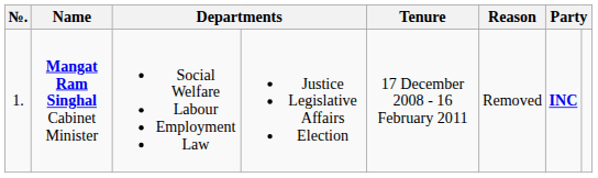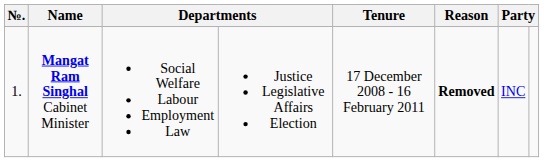 <table class ="wikitable">
 <tr>
 <th>№.</th>
 <th>Name<br></th>
 <th colspan="2" scope="col">Departments</th>
 <th>Tenure</th>
 <th>Reason</th>
 <th colspan="2" scope="col">Party</th>
 </tr>
 <tr style="text-align:center; height:60px;">
 <td>1.</td>
 <td><strong><a href='#'>Mangat Ram Singhal</a></strong><br>Cabinet Minister<br></td>
 <td><br><ul><li>Social Welfare</li><li>Labour</li><li>Employment</li><li>Law</li></ul></td>
 <td><br><ul><li>Justice</li><li>Legislative Affairs</li><li>Election</li></ul></td>
 <td>17 December 2008 - 16 February 2011</td>
-<td>Removed</td>
-<td><strong><a href='#'>INC</a></strong></td>
+<td><strong>Removed</strong></td>
+<td><a href='#'>INC</a></td>
 <td width="4px" style="background-color: "></td>
 </tr>
 </table>
